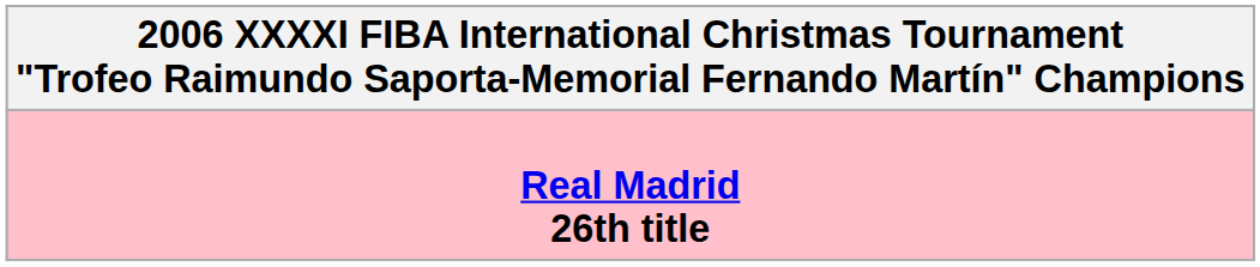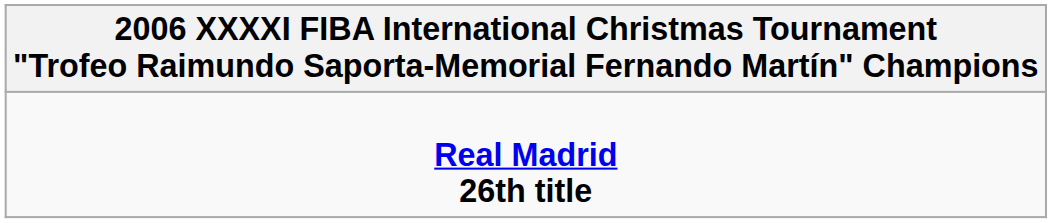 <table class=wikitable style="text-align:center; margin:auto">
 <tr>
 <th>2006 XXXXI FIBA International Christmas Tournament<br>"Trofeo Raimundo Saporta-Memorial Fernando Martín" Champions</th>
 </tr>
 <tr>
-<td style="background: pink;"><br> <strong><a href='#'>Real Madrid</a></strong> <br> <strong>26th title</strong></td>
+<td><br> <strong><a href='#'>Real Madrid</a></strong> <br> <strong>26th title</strong></td>
 </tr>
 </table>
